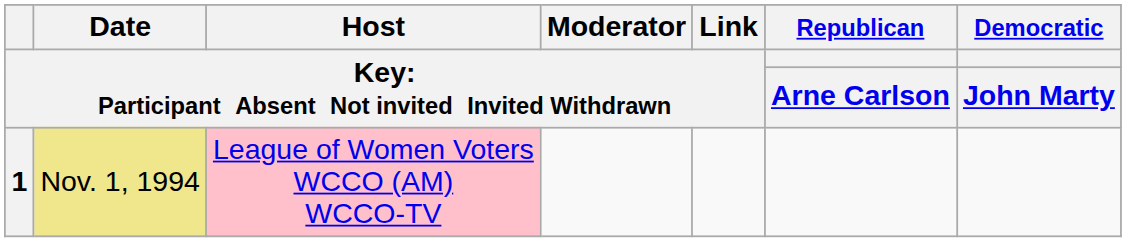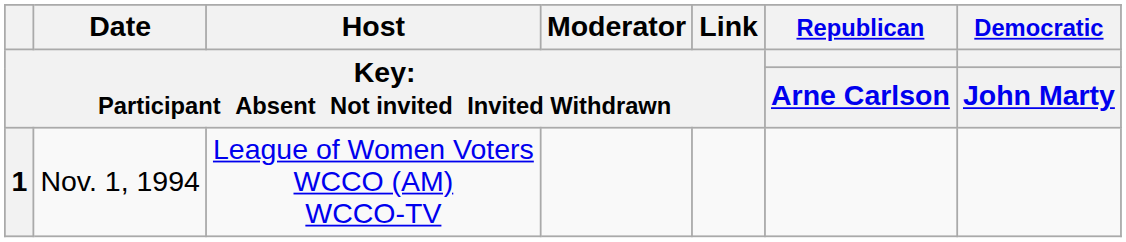 <table class="wikitable" style="text-align:center;">
 <tr>
 <th scope="col"></th>
 <th scope="col">Date</th>
 <th scope="col">Host</th>
 <th scope="col">Moderator</th>
 <th scope="col">Link</th>
 <th scope="col"><small><a href='#'>Republican</a></small></th>
 <th scope="col"><small><a href='#'>Democratic</a></small></th>
 </tr>
 <tr>
 <th colspan="5" rowspan="2">Key:<br> <small>Participant </small>  <small>Absent </small>  <small>Not invited </small>  <small>Invited  Withdrawn</small></th>
 <th scope="col" style="background:"></th>
 <th scope="col" style="background:"></th>
 </tr>
 <tr>
 <th scope="col"><a href='#'>Arne Carlson</a></th>
 <th scope="col"><a href='#'>John Marty</a></th>
 </tr>
 <tr>
 <th>1</th>
-<td style="background: khaki; white-space:nowrap;">Nov. 1, 1994</td>
-<td style="background: pink; white-space:nowrap;"><a href='#'>League of Women Voters</a><br><a href='#'>WCCO (AM)</a><br><a href='#'>WCCO-TV</a></td>
+<td style="white-space:nowrap;">Nov. 1, 1994</td>
+<td style="white-space:nowrap;"><a href='#'>League of Women Voters</a><br><a href='#'>WCCO (AM)</a><br><a href='#'>WCCO-TV</a></td>
 <td style="white-space:nowrap;"></td>
 <td style="white-space:nowrap;"></td>
 <td></td>
 <td></td>
 </tr>
 </table>
